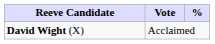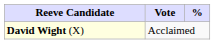 <table class="wikitable">
 <tr>
 <th style="background:#ddf; width:200px;">Reeve Candidate</th>
 <th style="background:#ddf; width:50px;">Vote</th>
 <th style="background:#ddf; width:30px;">%</th>
 </tr>
 <tr>
-<td><strong>David Wight</strong> (X)</td>
+<td style="background: lightyellow;"><strong>David Wight</strong> (X)</td>
 <td colspan="2">Acclaimed</td>
 </tr>
 </table>
